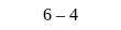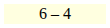 <table style="text-align:center">
 <tr>
 <th width=200></th>
 <th width=100></th>
 <th width=200></th>
 </tr>
 <tr>
 <td align=right></td>
-<td>6 – 4</td>
+<td style="background: lightyellow;">6 – 4</td>
 <td align=left><strong></strong></td>
 </tr>
 </table>
